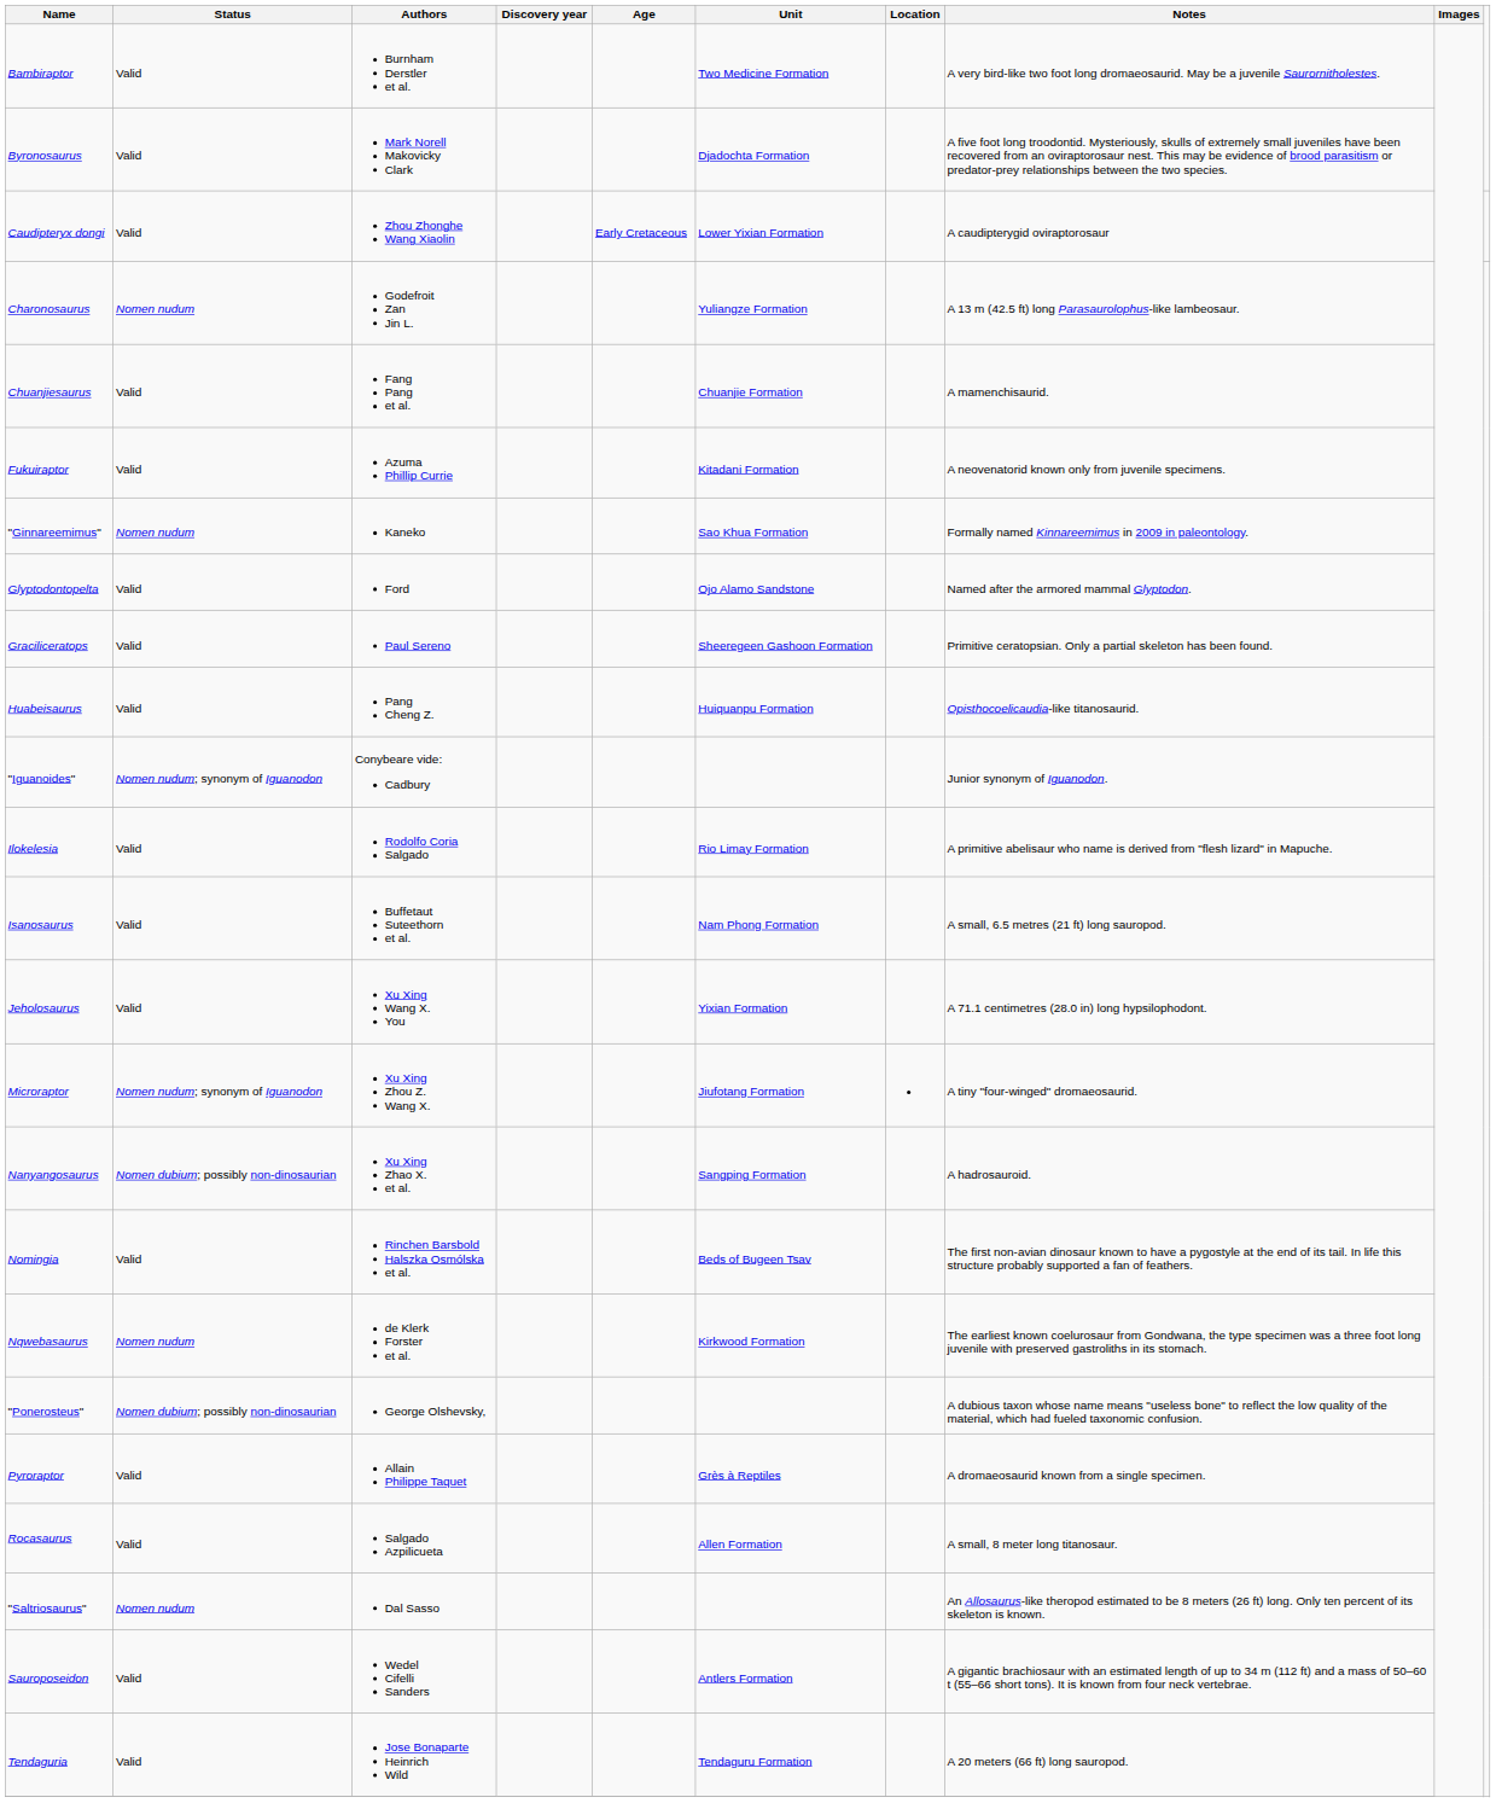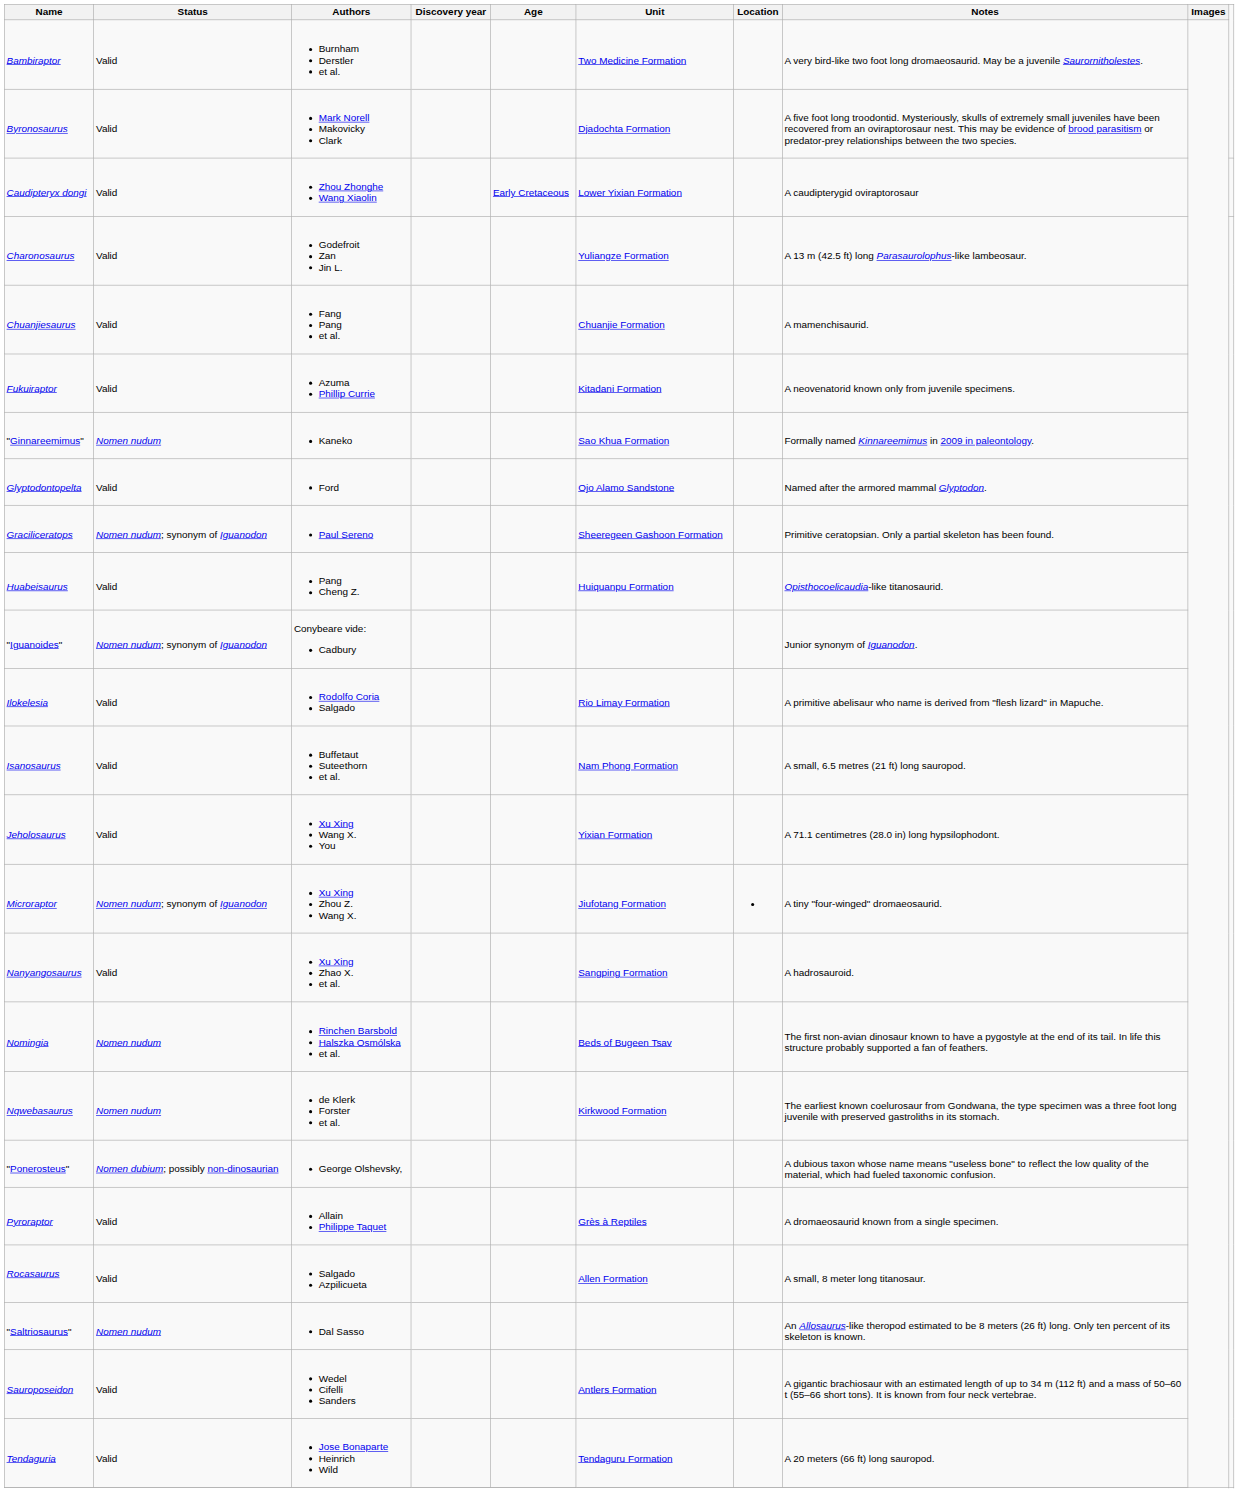 <table class="wikitable sortable" align="center" width="100%">
 <tr>
 <th>Name</th>
 <th>Status</th>
 <th>Authors</th>
 <th>Discovery year</th>
 <th>Age</th>
 <th>Unit</th>
 <th>Location</th>
 <th width="33%" class="unsortable">Notes</th>
 <th class="unsortable">Images</th>
 </tr>
 <tr>
 <td><br><em><a href='#'>Bambiraptor</a></em></td>
 <td><br>Valid</td>
 <td style="border-right:0px" valign="top"><br><ul><li>Burnham</li><li>Derstler</li><li>et al.</li></ul></td>
 <td></td>
 <td></td>
 <td><br><a href='#'>Two Medicine Formation</a></td>
 <td><br></td>
 <td><br>A very bird-like two foot long dromaeosaurid. May be a juvenile <em><a href='#'>Saurornitholestes</a></em>.</td>
 <td rowspan="99"><br>      </td>
 </tr>
 <tr>
 <td><br><em><a href='#'>Byronosaurus</a></em></td>
 <td><br>Valid</td>
 <td style="border-right:0px" valign="top"><br><ul><li><a href='#'>Mark Norell</a></li><li>Makovicky</li><li>Clark</li></ul></td>
 <td></td>
 <td></td>
 <td><br><a href='#'>Djadochta Formation</a></td>
 <td><br></td>
 <td><br>A five foot long troodontid. Mysteriously, skulls of extremely small juveniles have been recovered from an oviraptorosaur nest. This may be evidence of <a href='#'>brood parasitism</a> or predator-prey relationships between the two species.</td>
 </tr>
 <tr>
 <td><br><em><a href='#'>Caudipteryx dongi</a></em> </td>
 <td><br>Valid</td>
 <td><br><ul><li><a href='#'>Zhou Zhonghe</a></li><li><a href='#'>Wang Xiaolin</a></li></ul></td>
 <td></td>
 <td><br><a href='#'>Early Cretaceous</a></td>
 <td><br><a href='#'>Lower Yixian Formation</a></td>
 <td><br></td>
 <td><br>A caudipterygid oviraptorosaur</td>
 <td></td>
 </tr>
 <tr>
 <td><br><em><a href='#'>Charonosaurus</a></em></td>
-<td><br><em><a href='#'>Nomen nudum</a></em></td>
+<td><br>Valid</td>
 <td style="border-right:0px" valign="top"><br><ul><li>Godefroit</li><li>Zan</li><li>Jin L.</li></ul></td>
 <td></td>
 <td></td>
 <td><br><a href='#'>Yuliangze Formation</a></td>
 <td><br></td>
 <td><br>A 13 m (42.5 ft) long <em><a href='#'>Parasaurolophus</a></em>-like lambeosaur.</td>
 </tr>
 <tr>
 <td><br><em><a href='#'>Chuanjiesaurus</a></em></td>
 <td><br>Valid</td>
 <td style="border-right:0px" valign="top"><br><ul><li>Fang</li><li>Pang</li><li>et al.</li></ul></td>
 <td></td>
 <td></td>
 <td><br><a href='#'>Chuanjie Formation</a></td>
 <td><br></td>
 <td><br>A mamenchisaurid.</td>
 </tr>
 <tr>
 <td><br><em><a href='#'>Fukuiraptor</a></em></td>
 <td><br>Valid</td>
 <td style="border-right:0px" valign="top"><br><ul><li>Azuma</li><li><a href='#'>Phillip Currie</a></li></ul></td>
 <td></td>
 <td></td>
 <td><br><a href='#'>Kitadani Formation</a></td>
 <td><br></td>
 <td><br>A neovenatorid known only from juvenile specimens.</td>
 </tr>
 <tr>
 <td><br>"<a href='#'>Ginnareemimus</a>"</td>
 <td><br><em><a href='#'>Nomen nudum</a></em></td>
 <td style="border-right:0px" valign="top"><br><ul><li>Kaneko</li></ul></td>
 <td></td>
 <td></td>
 <td><br><a href='#'>Sao Khua Formation</a></td>
 <td><br></td>
 <td><br>Formally named <em><a href='#'>Kinnareemimus</a></em> in <a href='#'>2009 in paleontology</a>.</td>
 </tr>
 <tr>
 <td><br><em><a href='#'>Glyptodontopelta</a></em></td>
 <td><br>Valid</td>
 <td style="border-right:0px" valign="top"><br><ul><li>Ford</li></ul></td>
 <td></td>
 <td></td>
 <td><br><a href='#'>Ojo Alamo Sandstone</a></td>
 <td><br></td>
 <td><br>Named after the armored mammal <em><a href='#'>Glyptodon</a></em>.</td>
 </tr>
 <tr>
 <td><br><em><a href='#'>Graciliceratops</a></em></td>
-<td><br>Valid</td>
+<td><br><em><a href='#'>Nomen nudum</a></em>; synonym of <em><a href='#'>Iguanodon</a></em></td>
 <td style="border-right:0px" valign="top"><br><ul><li><a href='#'>Paul Sereno</a></li></ul></td>
 <td></td>
 <td></td>
 <td><br><a href='#'>Sheeregeen Gashoon Formation</a></td>
 <td><br></td>
 <td><br>Primitive ceratopsian. Only a partial skeleton has been found.</td>
 </tr>
 <tr>
 <td><br><em><a href='#'>Huabeisaurus</a></em></td>
 <td><br>Valid</td>
 <td style="border-right:0px" valign="top"><br><ul><li>Pang</li><li>Cheng Z.</li></ul></td>
 <td></td>
 <td></td>
 <td><br><a href='#'>Huiquanpu Formation</a></td>
 <td><br></td>
 <td><br><em><a href='#'>Opisthocoelicaudia</a></em>-like titanosaurid.</td>
 </tr>
 <tr>
 <td><br>"<a href='#'>Iguanoides</a>"</td>
 <td><br><em><a href='#'>Nomen nudum</a></em>; synonym of <em><a href='#'>Iguanodon</a></em></td>
 <td style="border-right:0px" valign="top"><br>Conybeare vide:<ul><li>Cadbury</li></ul></td>
 <td></td>
 <td></td>
 <td></td>
 <td></td>
 <td><br>Junior synonym of <em><a href='#'>Iguanodon</a></em>.</td>
 </tr>
 <tr>
 <td><br><em><a href='#'>Ilokelesia</a></em></td>
 <td><br>Valid</td>
 <td style="border-right:0px" valign="top"><br><ul><li><a href='#'>Rodolfo Coria</a></li><li>Salgado</li></ul></td>
 <td></td>
 <td></td>
 <td><br><a href='#'>Rio Limay Formation</a></td>
 <td><br></td>
 <td><br>A primitive abelisaur who name is derived from "flesh lizard" in Mapuche.</td>
 </tr>
 <tr>
 <td><br><em><a href='#'>Isanosaurus</a></em></td>
 <td><br>Valid</td>
 <td style="border-right:0px" valign="top"><br><ul><li>Buffetaut</li><li>Suteethorn</li><li>et al.</li></ul></td>
 <td></td>
 <td></td>
 <td><br><a href='#'>Nam Phong Formation</a></td>
 <td><br></td>
 <td><br>A small, 6.5 metres (21 ft) long sauropod.</td>
 </tr>
 <tr>
 <td><br><em><a href='#'>Jeholosaurus</a></em></td>
 <td><br>Valid</td>
 <td style="border-right:0px" valign="top"><br><ul><li><a href='#'>Xu Xing</a></li><li>Wang X.</li><li>You</li></ul></td>
 <td></td>
 <td></td>
 <td><br><a href='#'>Yixian Formation</a></td>
 <td><br></td>
 <td><br>A 71.1 centimetres (28.0 in) long hypsilophodont.</td>
 </tr>
 <tr>
 <td><br><em><a href='#'>Microraptor</a></em></td>
 <td><br><em><a href='#'>Nomen nudum</a></em>; synonym of <em><a href='#'>Iguanodon</a></em></td>
 <td style="border-right:0px" valign="top"><br><ul><li><a href='#'>Xu Xing</a></li><li>Zhou Z.</li><li>Wang X.</li></ul></td>
 <td></td>
 <td></td>
 <td><br><a href='#'>Jiufotang Formation</a></td>
 <td><br><ul><li></li></ul></td>
 <td><br>A tiny "four-winged" dromaeosaurid.</td>
 </tr>
 <tr>
 <td><br><em><a href='#'>Nanyangosaurus</a></em></td>
-<td><br><em><a href='#'>Nomen dubium</a></em>; possibly <a href='#'>non-dinosaurian</a></td>
+<td><br>Valid</td>
 <td style="border-right:0px" valign="top"><br><ul><li><a href='#'>Xu Xing</a></li><li>Zhao X.</li><li>et al.</li></ul></td>
 <td></td>
 <td></td>
 <td><br><a href='#'>Sangping Formation</a></td>
 <td><br></td>
 <td><br>A hadrosauroid.</td>
 </tr>
 <tr>
 <td><br><em><a href='#'>Nomingia</a></em></td>
-<td><br>Valid</td>
+<td><br><em><a href='#'>Nomen nudum</a></em></td>
 <td style="border-right:0px" valign="top"><br><ul><li><a href='#'>Rinchen Barsbold</a></li><li><a href='#'>Halszka Osmólska</a></li><li>et al.</li></ul></td>
 <td></td>
 <td></td>
 <td><br><a href='#'>Beds of Bugeen Tsav</a></td>
 <td><br></td>
 <td><br>The first non-avian dinosaur known to have a pygostyle at the end of its tail. In life this structure probably supported a fan of feathers.</td>
 </tr>
 <tr>
 <td><br><em><a href='#'>Nqwebasaurus</a></em></td>
 <td><br><em><a href='#'>Nomen nudum</a></em></td>
 <td style="border-right:0px" valign="top"><br><ul><li>de Klerk</li><li>Forster</li><li>et al.</li></ul></td>
 <td></td>
 <td></td>
 <td><br><a href='#'>Kirkwood Formation</a></td>
 <td><br></td>
 <td><br>The earliest known coelurosaur from Gondwana, the type specimen was a three foot long juvenile with preserved gastroliths in its stomach.</td>
 </tr>
 <tr>
 <td><br>"<a href='#'>Ponerosteus</a>"</td>
 <td><br><em><a href='#'>Nomen dubium</a></em>; possibly <a href='#'>non-dinosaurian</a></td>
 <td style="border-right:0px" valign="top"><br><ul><li>George Olshevsky,</li></ul></td>
 <td></td>
 <td></td>
 <td></td>
 <td></td>
 <td><br>A dubious taxon whose name means "useless bone" to reflect the low quality of the material, which had fueled taxonomic confusion.</td>
 </tr>
 <tr>
 <td><br><em><a href='#'>Pyroraptor</a></em></td>
 <td><br>Valid</td>
 <td style="border-right:0px" valign="top"><br><ul><li>Allain</li><li><a href='#'>Philippe Taquet</a></li></ul></td>
 <td></td>
 <td></td>
 <td><br><a href='#'>Grès à Reptiles</a></td>
 <td><br></td>
 <td><br>A dromaeosaurid known from a single specimen.</td>
 </tr>
 <tr>
 <td><em><a href='#'>Rocasaurus</a></em></td>
 <td><br>Valid</td>
 <td style="border-right:0px" valign="top"><br><ul><li>Salgado</li><li>Azpilicueta</li></ul></td>
 <td></td>
 <td></td>
 <td><br><a href='#'>Allen Formation</a></td>
 <td><br></td>
 <td><br>A small, 8 meter long titanosaur.</td>
 </tr>
 <tr>
 <td><br>"<a href='#'>Saltriosaurus</a>"</td>
 <td><br><em><a href='#'>Nomen nudum</a></em></td>
 <td style="border-right:0px" valign="top"><br><ul><li>Dal Sasso</li></ul></td>
 <td></td>
 <td></td>
 <td></td>
 <td></td>
 <td><br>An <em><a href='#'>Allosaurus</a></em>-like theropod estimated to be 8 meters (26 ft) long. Only ten percent of its skeleton is known.</td>
 </tr>
 <tr>
 <td><br><em><a href='#'>Sauroposeidon</a></em></td>
 <td><br>Valid</td>
 <td style="border-right:0px" valign="top"><br><ul><li>Wedel</li><li>Cifelli</li><li>Sanders</li></ul></td>
 <td></td>
 <td></td>
 <td><br><a href='#'>Antlers Formation</a></td>
 <td><br></td>
 <td><br>A gigantic brachiosaur with an estimated length of up to 34 m (112 ft) and a mass of 50–60 t (55–66 short tons). It is known from four neck vertebrae.</td>
 </tr>
 <tr>
 <td><br><em><a href='#'>Tendaguria</a></em></td>
 <td><br>Valid</td>
 <td style="border-right:0px" valign="top"><br><ul><li><a href='#'>Jose Bonaparte</a></li><li>Heinrich</li><li>Wild</li></ul></td>
 <td></td>
 <td></td>
 <td><br><a href='#'>Tendaguru Formation</a></td>
 <td><br></td>
 <td><br>A 20 meters (66 ft) long sauropod.</td>
 </tr>
 <tr>
 </tr>
 </table>
